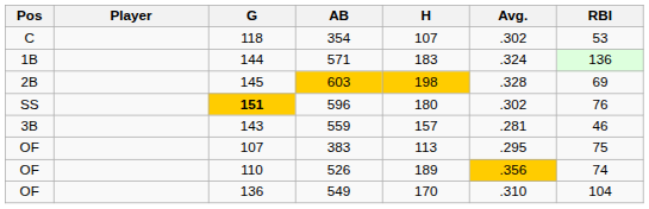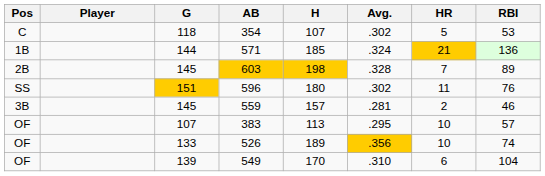 <table class="wikitable sortable">
 <tr>
 <th bgcolor="#DDDDFF" width="5%">Pos</th>
 <th bgcolor="#DDDDFF" width="16%">Player</th>
 <th bgcolor="#DDDDFF" width="9%">G</th>
 <th bgcolor="#DDDDFF" width="9%">AB</th>
 <th bgcolor="#DDDDFF" width="9%">H</th>
 <th bgcolor="#DDDDFF" width="9%">Avg.</th>
+<th bgcolor="#DDDDFF" width="9%">HR</th>
 <th bgcolor="#DDDDFF" width="9%">RBI</th>
 </tr>
 <tr align="center">
 <td>C</td>
 <td></td>
 <td>118</td>
 <td>354</td>
 <td>107</td>
 <td>.302</td>
+<td>5</td>
 <td>53</td>
 </tr>
 <tr align="center">
 <td>1B</td>
 <td></td>
 <td>144</td>
 <td>571</td>
-<td>183</td>
+<td>185</td>
 <td>.324</td>
+<td style="background:#fc0;">21</td>
 <td style="background:#DDFFDD;">136</td>
 </tr>
 <tr align="center">
 <td>2B</td>
 <td></td>
 <td>145</td>
 <td style="background:#fc0;">603</td>
 <td style="background:#fc0;">198</td>
 <td>.328</td>
-<td>69</td>
+<td>7</td>
+<td>89</td>
 </tr>
 <tr align="center">
 <td>SS</td>
 <td></td>
-<td style="background:#fc0;"><strong>151</strong></td>
+<td style="background:#fc0;">151</td>
 <td>596</td>
 <td>180</td>
 <td>.302</td>
+<td>11</td>
 <td>76</td>
 </tr>
 <tr align="center">
 <td>3B</td>
 <td></td>
-<td>143</td>
+<td>145</td>
 <td>559</td>
 <td>157</td>
 <td>.281</td>
+<td>2</td>
 <td>46</td>
 </tr>
 <tr align="center">
 <td>OF</td>
 <td></td>
 <td>107</td>
 <td>383</td>
 <td>113</td>
 <td>.295</td>
-<td>75</td>
+<td>10</td>
+<td>57</td>
 </tr>
 <tr align="center">
 <td>OF</td>
 <td></td>
-<td>110</td>
+<td>133</td>
 <td>526</td>
 <td>189</td>
 <td style="background:#fc0;">.356</td>
+<td>10</td>
 <td>74</td>
 </tr>
 <tr align="center">
 <td>OF</td>
 <td></td>
-<td>136</td>
+<td>139</td>
 <td>549</td>
 <td>170</td>
 <td>.310</td>
+<td>6</td>
 <td>104</td>
 </tr>
 </table>
